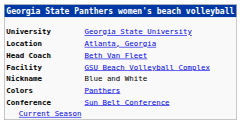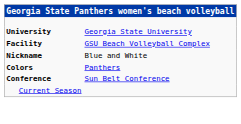 <table class="wikitable" align="right">
 <tr>
 <th colspan="2" style="background-color: #0039A6; color: #FFFFFF; border:none">Georgia State Panthers women's beach volleyball</th>
 </tr>
 <tr>
 <td colspan="2" style="text-align:center;font-size:7pt;border:none"><br></td>
 </tr>
 <tr>
 <td style="font-size:9pt;border:none;font-weight:bold">University</td>
 <td style="font-size:9pt;border:none"><a href='#'>Georgia State University</a></td>
-</tr>
-<tr>
-<td style="font-size:9pt;border:none;font-weight:bold">Location</td>
-<td style="font-size:9pt;border:none"><a href='#'>Atlanta, Georgia</a></td>
-</tr>
-<tr>
-<td style="font-size:9pt;border:none;font-weight:bold">Head Coach</td>
-<td style="font-size:9pt;border:none"><a href='#'>Beth Van Fleet</a></td>
 </tr>
 <tr>
 <td style="font-size:9pt;border:none;font-weight:bold">Facility</td>
 <td style="font-size:9pt;border:none"><a href='#'>GSU Beach Volleyball Complex</a></td>
 </tr>
 <tr>
 <td style="font-size:9pt;border:none;font-weight:bold">Nickname</td>
 <td style="font-size:9pt;border:none">Blue and White</td>
 </tr>
 <tr>
 <td style="font-size:9pt;border:none;font-weight:bold">Colors</td>
 <td style="font-size:9pt;border:none"><a href='#'>Panthers</a></td>
 </tr>
 <tr>
 <td style="font-size:9pt;border:none;font-weight:bold">Conference</td>
 <td style="font-size:9pt;border:none"><a href='#'>Sun Belt Conference</a></td>
 </tr>
 <tr>
 <td align="right" style="font-size:9pt;border:none;fonnt-weight:bold"><a href='#'>Current Season</a></td>
 <td style="font-size:9pt;border:none;font-weight:bold"></td>
 </tr>
 </table>
